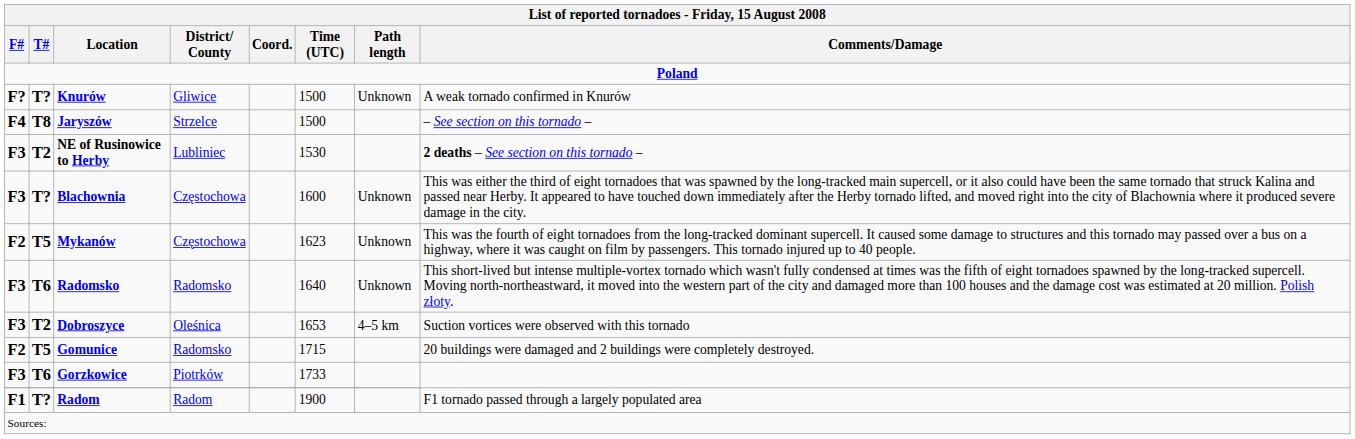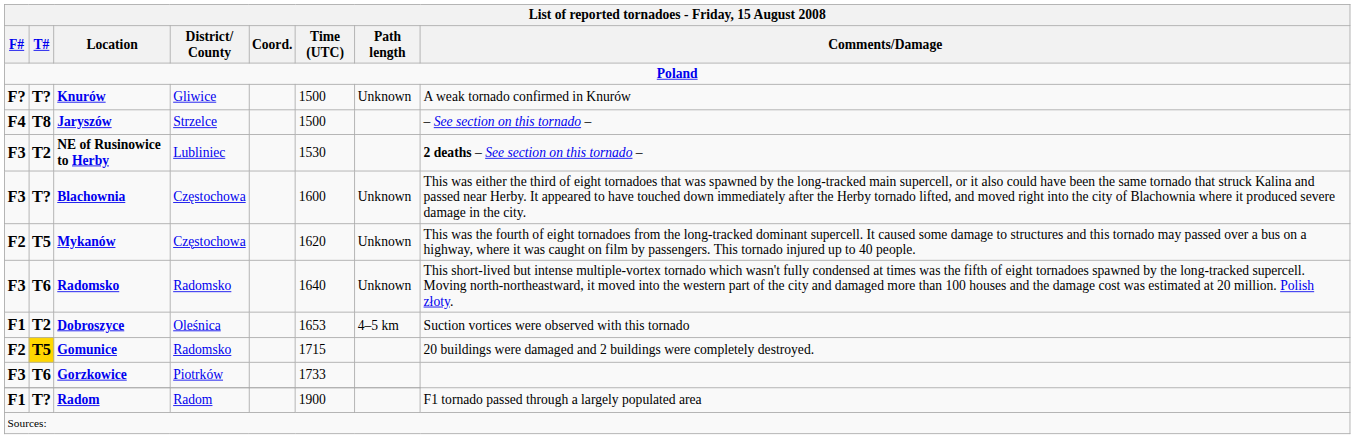 <table class="wikitable collapsible" width="100%">
 <tr>
 <th colspan="8">List of reported tornadoes - Friday, 15 August 2008</th>
 </tr>
 <tr>
 <th><a href='#'>F#</a></th>
 <th><a href='#'>T#</a></th>
 <th>Location</th>
 <th>District/<br>County</th>
 <th>Coord.</th>
 <th>Time (UTC)</th>
 <th>Path length</th>
 <th>Comments/Damage</th>
 </tr>
 <tr>
 <td colspan="8" align=center><strong><a href='#'>Poland</a></strong></td>
 </tr>
 <tr>
 <td><big><strong>F?</strong></big></td>
 <td><big><strong>T?</strong></big></td>
 <td><strong><a href='#'>Knurów</a></strong></td>
 <td><a href='#'>Gliwice</a></td>
 <td></td>
 <td>1500</td>
 <td>Unknown</td>
 <td>A weak tornado confirmed in Knurów</td>
 </tr>
 <tr>
 <td><big><strong>F4</strong></big></td>
 <td><big><strong>T8</strong></big></td>
 <td><strong><a href='#'>Jaryszów</a></strong></td>
 <td><a href='#'>Strzelce</a></td>
 <td></td>
 <td>1500</td>
 <td></td>
 <td>– <em><a href='#'>See section on this tornado</a></em> –</td>
 </tr>
 <tr>
 <td><big><strong>F3</strong></big></td>
 <td><big><strong>T2</strong></big></td>
 <td><strong>NE of Rusinowice to <a href='#'>Herby</a></strong></td>
 <td><a href='#'>Lubliniec</a></td>
 <td></td>
 <td>1530</td>
 <td></td>
 <td><strong>2 deaths</strong>  – <em><a href='#'>See section on this tornado</a></em> –</td>
 </tr>
 <tr>
 <td><big><strong>F3</strong></big></td>
 <td><big><strong>T?</strong></big></td>
 <td><strong><a href='#'>Blachownia</a></strong></td>
 <td><a href='#'>Częstochowa</a></td>
 <td></td>
 <td>1600</td>
 <td>Unknown</td>
 <td>This was either the third of eight tornadoes that was spawned by the long-tracked main supercell, or it also could have been the same tornado that struck Kalina and passed near Herby. It appeared to have touched down immediately after the Herby tornado lifted, and moved right into the city of Blachownia where it produced severe damage in the city.</td>
 </tr>
 <tr>
 <td><big><strong>F2</strong></big></td>
 <td><big><strong>T5</strong></big></td>
 <td><strong><a href='#'>Mykanów</a></strong></td>
 <td><a href='#'>Częstochowa</a></td>
 <td></td>
-<td>1623</td>
+<td>1620</td>
 <td>Unknown</td>
 <td>This was the fourth of eight tornadoes from the long-tracked dominant supercell. It caused some damage to structures and this tornado may passed over a bus on a highway, where it was caught on film by passengers. This tornado injured up to 40 people.</td>
 </tr>
 <tr>
 <td><big><strong>F3</strong></big></td>
 <td><big><strong>T6</strong></big></td>
 <td><strong><a href='#'>Radomsko</a></strong></td>
 <td><a href='#'>Radomsko</a></td>
 <td></td>
 <td>1640</td>
 <td>Unknown</td>
 <td>This short-lived but intense multiple-vortex tornado which wasn't fully condensed at times was the fifth of eight tornadoes spawned by the long-tracked supercell. Moving north-northeastward, it moved into the western part of the city and damaged more than 100 houses and the damage cost was estimated at 20 million. <a href='#'>Polish złoty</a>.</td>
 </tr>
 <tr>
-<td><big><strong>F3</strong></big></td>
+<td><big><strong>F1</strong></big></td>
 <td><big><strong>T2</strong></big></td>
 <td><strong><a href='#'>Dobroszyce</a></strong></td>
 <td><a href='#'>Oleśnica</a></td>
 <td></td>
 <td>1653</td>
 <td>4–5 km</td>
 <td>Suction vortices were observed with this tornado</td>
 </tr>
 <tr>
 <td><big><strong>F2</strong></big></td>
-<td><big><strong>T5</strong></big></td>
+<td style="background: gold;"><big><strong>T5</strong></big></td>
 <td><strong><a href='#'>Gomunice</a></strong></td>
 <td><a href='#'>Radomsko</a></td>
 <td></td>
 <td>1715</td>
 <td></td>
 <td>20 buildings were damaged and 2 buildings were completely destroyed.</td>
 </tr>
 <tr>
 <td><big><strong>F3</strong></big></td>
 <td><big><strong>T6</strong></big></td>
 <td><strong><a href='#'>Gorzkowice</a></strong></td>
 <td><a href='#'>Piotrków</a></td>
 <td></td>
 <td>1733</td>
 <td></td>
 </tr>
 <tr A trailer from a truck was carried dozens of miles away.>
 </tr>
 <tr>
 <td><big><strong>F1</strong></big></td>
 <td><big><strong>T?</strong></big></td>
 <td><strong><a href='#'>Radom</a></strong></td>
 <td><a href='#'>Radom</a></td>
 <td></td>
 <td>1900</td>
 <td></td>
 <td>F1 tornado passed through a largely populated area</td>
 </tr>
 <tr>
 <td colspan="8"><small>Sources:  </small></td>
 </tr>
 </table>
